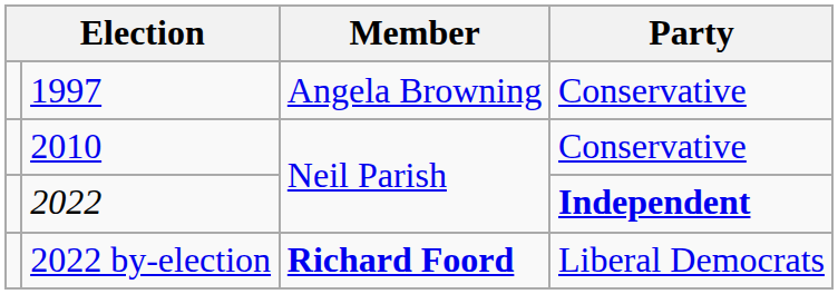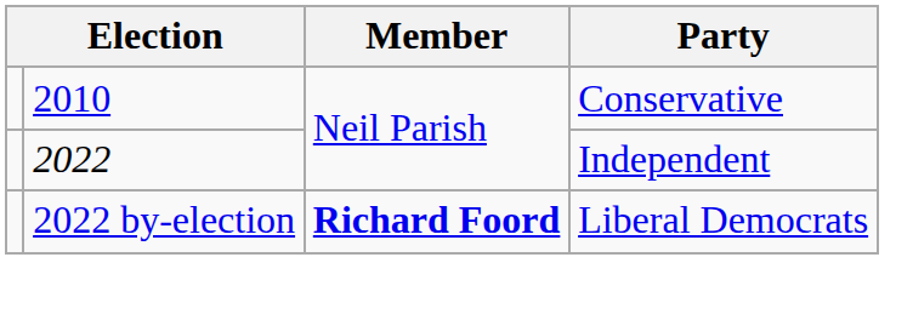 <table class="wikitable">
 <tr>
 <th colspan="2">Election</th>
 <th>Member</th>
 <th>Party</th>
-</tr>
-<tr>
-<td style="color:inherit;background-color: "></td>
-<td><a href='#'>1997</a></td>
-<td><a href='#'>Angela Browning</a></td>
-<td><a href='#'>Conservative</a></td>
 </tr>
 <tr>
 <td style="color:inherit;background-color: "></td>
 <td><a href='#'>2010</a></td>
 <td rowspan="2"><a href='#'>Neil Parish</a></td>
 <td><a href='#'>Conservative</a></td>
 </tr>
 <tr>
 <td style="color:inherit;background-color: "></td>
 <td><em>2022</em></td>
-<td><strong><a href='#'>Independent</a></strong></td>
+<td><a href='#'>Independent</a></td>
 </tr>
 <tr>
 <td style="color:inherit;background-color: "></td>
 <td><a href='#'>2022 by-election</a></td>
 <td><strong><a href='#'>Richard Foord</a></strong></td>
 <td><a href='#'>Liberal Democrats</a></td>
 </tr>
 </table>
